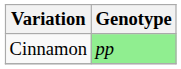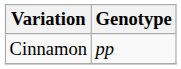 <table class="wikitable" style="margin:1em auto;">
 <tr>
 <th>Variation</th>
 <th>Genotype</th>
 </tr>
 <tr>
 <td>Cinnamon</td>
-<td style="background: lightgreen;"><em>pp</em></td>
+<td><em>pp</em></td>
 </tr>
 <tr>
 </tr>
 </table>
